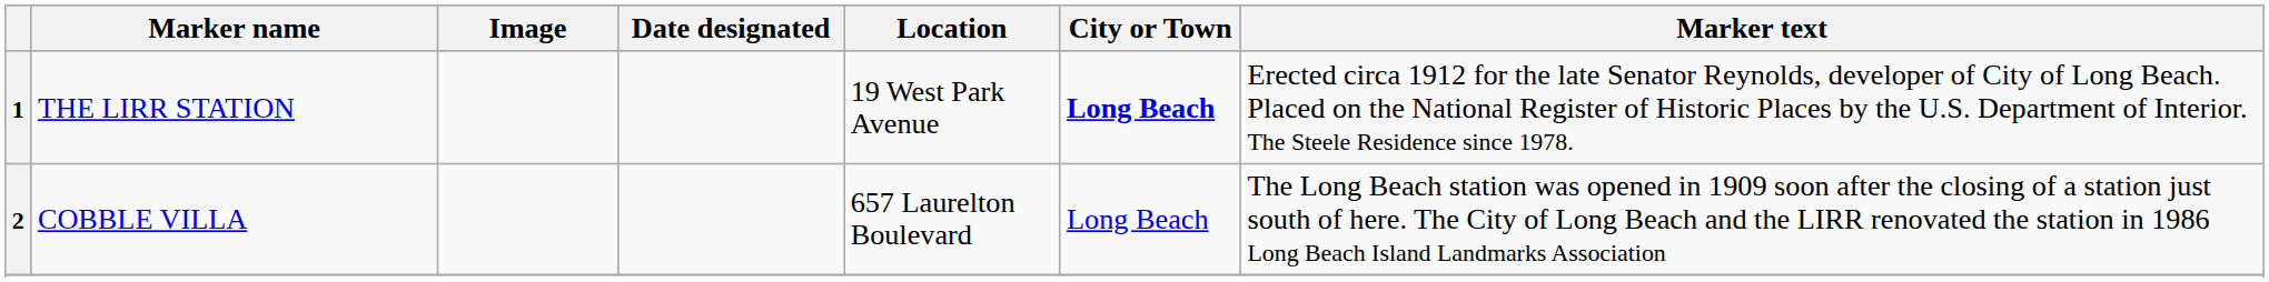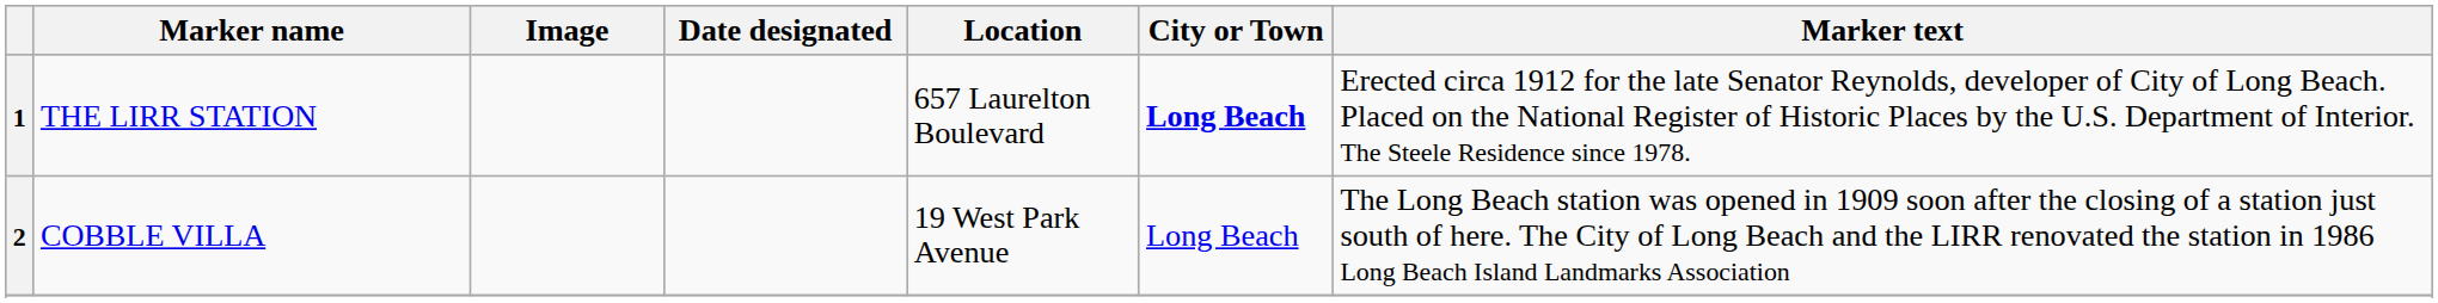 <table class="wikitable sortable" style="width:98%">
 <tr>
 <th></th>
 <th width = 18% ><strong>Marker name</strong></th>
 <th width = 8% class="unsortable" ><strong>Image</strong></th>
 <th width = 10% ><strong>Date designated</strong></th>
 <th><strong>Location</strong></th>
 <th width = 8% ><strong>City or Town</strong></th>
 <th class="unsortable" ><strong>Marker text</strong></th>
 </tr>
 <tr ->
 <th><small>1</small></th>
 <td><a href='#'>THE LIRR STATION</a></td>
 <td></td>
 <td></td>
-<td>19 West Park Avenue</td>
+<td>657 Laurelton Boulevard</td>
 <td><strong><a href='#'>Long Beach</a></strong></td>
 <td>Erected circa 1912 for the late Senator Reynolds, developer of City of Long Beach. Placed on the National Register of Historic Places by the U.S. Department of Interior.<br><small>The Steele Residence since 1978.</small></td>
 </tr>
 <tr ->
 <th><small>2</small></th>
 <td><a href='#'>COBBLE VILLA</a></td>
 <td></td>
 <td></td>
-<td>657 Laurelton Boulevard</td>
+<td>19 West Park Avenue</td>
 <td><a href='#'>Long Beach</a></td>
 <td>The Long Beach station was opened in 1909 soon after the closing of a station just south of here. The City of Long Beach and the LIRR renovated the station in 1986  <br><small>Long Beach Island Landmarks Association</small></td>
 </tr>
 <tr ->
 </tr>
 <tr ->
 </tr>
 <tr ->
 </tr>
 </table>
